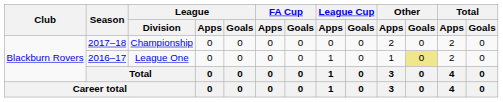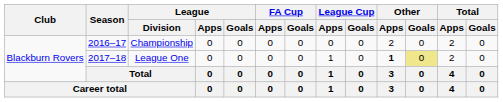 <table class="wikitable" style="text-align: center">
 <tr>
 <th rowspan="2">Club</th>
 <th rowspan="2">Season</th>
 <th colspan="3">League</th>
 <th colspan="2"><a href='#'>FA Cup</a></th>
 <th colspan="2"><a href='#'>League Cup</a></th>
 <th colspan="2">Other</th>
 <th colspan="2">Total</th>
 </tr>
 <tr>
 <th>Division</th>
 <th>Apps</th>
 <th>Goals</th>
 <th>Apps</th>
 <th>Goals</th>
 <th>Apps</th>
 <th>Goals</th>
 <th>Apps</th>
 <th>Goals</th>
 <th>Apps</th>
 <th>Goals</th>
 </tr>
 <tr>
 <td rowspan="3"><a href='#'>Blackburn Rovers</a></td>
-<td><a href='#'>2017–18</a></td>
+<td><a href='#'>2016–17</a></td>
 <td><a href='#'>Championship</a></td>
 <td>0</td>
 <td>0</td>
 <td>0</td>
 <td>0</td>
 <td>0</td>
 <td>0</td>
 <td>2</td>
 <td>0</td>
 <td>2</td>
 <td>0</td>
 </tr>
 <tr>
-<td><a href='#'>2016–17</a></td>
+<td><a href='#'>2017–18</a></td>
 <td><a href='#'>League One</a></td>
 <td>0</td>
 <td>0</td>
 <td>0</td>
 <td>0</td>
 <td>1</td>
 <td>0</td>
-<td>1</td>
+<td><strong>1</strong></td>
 <td style="background: khaki;">0</td>
 <td>2</td>
 <td>0</td>
 </tr>
 <tr>
 <th colspan="2">Total</th>
 <th>0</th>
 <th>0</th>
 <th>0</th>
 <th>0</th>
 <th>1</th>
 <th>0</th>
 <th>3</th>
 <th>0</th>
 <th>4</th>
 <th>0</th>
 </tr>
 <tr>
 <th colspan="3">Career total</th>
 <th>0</th>
 <th>0</th>
 <th>0</th>
 <th>0</th>
 <th>1</th>
 <th>0</th>
 <th>3</th>
 <th>0</th>
 <th>4</th>
 <th>0</th>
 </tr>
 </table>
